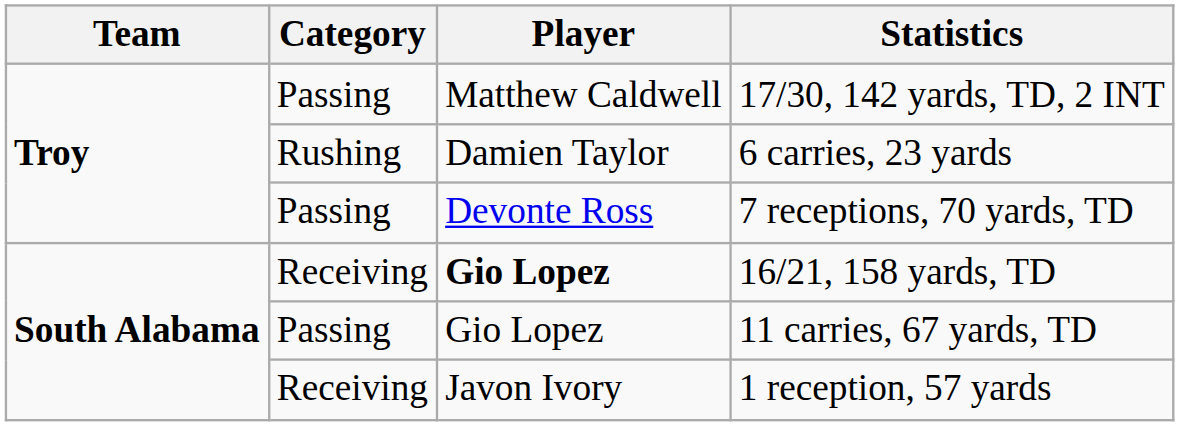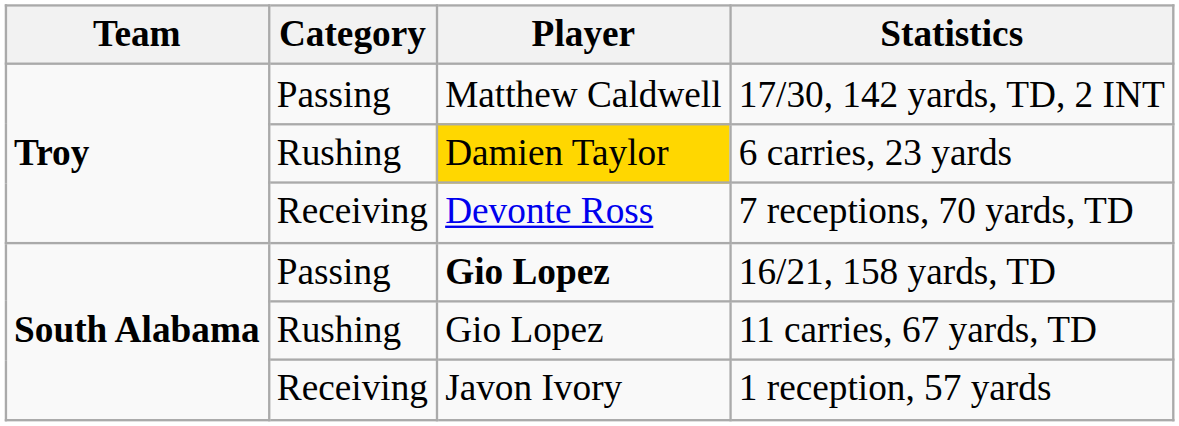 <table class="wikitable" style="float: right;">
 <tr>
 <th>Team</th>
 <th>Category</th>
 <th>Player</th>
 <th>Statistics</th>
 </tr>
 <tr>
 <td rowspan=3><strong>Troy</strong></td>
 <td>Passing</td>
 <td>Matthew Caldwell</td>
 <td>17/30, 142 yards, TD, 2 INT</td>
 </tr>
 <tr>
 <td>Rushing</td>
-<td>Damien Taylor</td>
+<td style="background: gold;">Damien Taylor</td>
 <td>6 carries, 23 yards</td>
 </tr>
 <tr>
-<td>Passing</td>
+<td>Receiving</td>
 <td><a href='#'>Devonte Ross</a></td>
 <td>7 receptions, 70 yards, TD</td>
 </tr>
 <tr>
 <td rowspan=3><strong>South Alabama</strong></td>
-<td>Receiving</td>
+<td>Passing</td>
 <td><strong>Gio Lopez</strong></td>
 <td>16/21, 158 yards, TD</td>
 </tr>
 <tr>
-<td>Passing</td>
+<td>Rushing</td>
 <td>Gio Lopez</td>
 <td>11 carries, 67 yards, TD</td>
 </tr>
 <tr>
 <td>Receiving</td>
 <td>Javon Ivory</td>
 <td>1 reception, 57 yards</td>
 </tr>
 </table>
